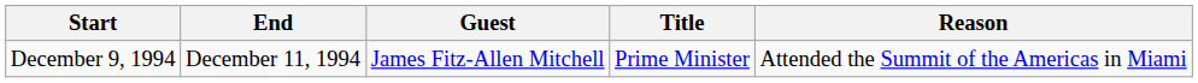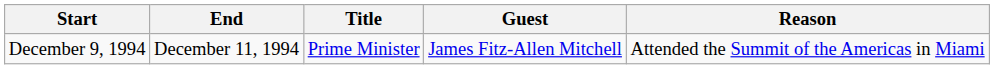 <table class="wikitable sortable">
 <tr>
 <th>Start</th>
 <th>End</th>
+<th>Title</th>
 <th>Guest</th>
-<th>Title</th>
 <th>Reason</th>
 </tr>
 <tr>
 <td>December 9, 1994</td>
 <td>December 11, 1994</td>
+<td><a href='#'>Prime Minister</a></td>
 <td><a href='#'>James Fitz-Allen Mitchell</a></td>
-<td><a href='#'>Prime Minister</a></td>
 <td>Attended the <a href='#'>Summit of the Americas</a> in <a href='#'>Miami</a></td>
 </tr>
 </table>
